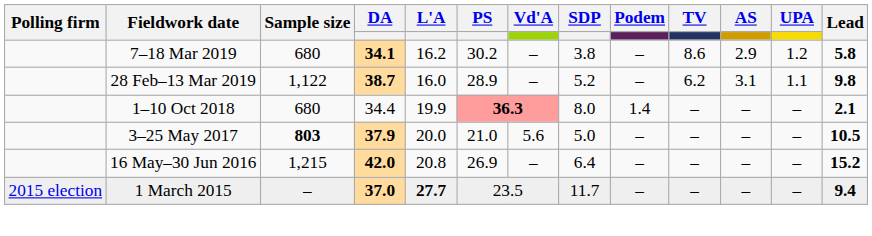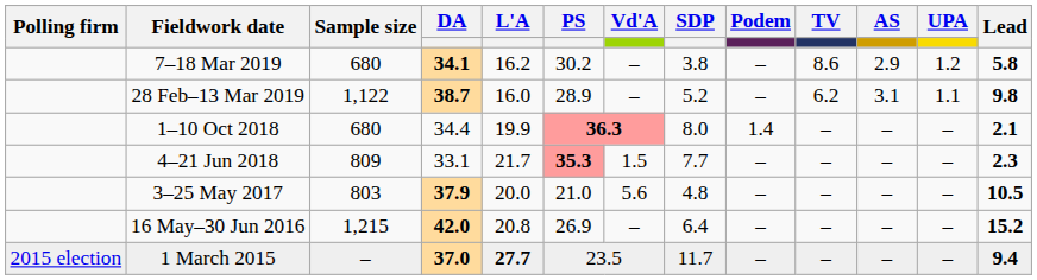 <table class=wikitable style=text-align:center>
 <tr>
 <th rowspan="2">Polling firm</th>
 <th rowspan="2">Fieldwork date</th>
 <th rowspan="2">Sample size</th>
 <th style="width:40px;"><a href='#'>DA</a></th>
 <th style="width:40px;"><a href='#'>L'A</a></th>
 <th style="width:40px;"><a href='#'>PS</a></th>
 <th style="width:40px;"><a href='#'>Vd'A</a></th>
 <th style="width:40px;"><a href='#'>SDP</a></th>
 <th style="width:40px;"><a href='#'>Podem</a></th>
 <th style="width:40px;"><a href='#'>TV</a></th>
 <th style="width:40px;"><a href='#'>AS</a></th>
 <th style="width:40px;"><a href='#'>UPA</a></th>
 <th style="width:30px;" rowspan="2">Lead</th>
 </tr>
 <tr>
 <th style="background:"></th>
 <th style="background:"></th>
 <th style="background:"></th>
 <th style="background:#9DD405;"></th>
 <th style="background:"></th>
 <th style="background:#5A205A;"></th>
 <th style="background:#233364;"></th>
 <th style="background:#CF9D00;"></th>
 <th style="background:#F9DB00;"></th>
 </tr>
 <tr>
 <td align=left></td>
 <td>7–18 Mar 2019</td>
 <td>680</td>
 <td style="background:#ffdb9d"><strong>34.1</strong></td>
 <td>16.2</td>
 <td>30.2</td>
 <td>–</td>
 <td>3.8</td>
 <td>–</td>
 <td>8.6</td>
 <td>2.9</td>
 <td>1.2</td>
 <td style="background:"><strong>5.8</strong></td>
 </tr>
 <tr>
 <td align=left></td>
 <td>28 Feb–13 Mar 2019</td>
 <td>1,122</td>
 <td style="background:#ffdb9d"><strong>38.7</strong></td>
 <td>16.0</td>
 <td>28.9</td>
 <td>–</td>
 <td>5.2</td>
 <td>–</td>
 <td>6.2</td>
 <td>3.1</td>
 <td>1.1</td>
 <td style="background:"><strong>9.8</strong></td>
 </tr>
 <tr>
 <td align=left></td>
 <td>1–10 Oct 2018</td>
 <td>680</td>
 <td>34.4</td>
 <td>19.9</td>
 <td style="background:#ff9c9c" colspan=2><strong>36.3</strong></td>
 <td>8.0</td>
 <td>1.4</td>
 <td>–</td>
 <td>–</td>
 <td>–</td>
 <td style="background:"><strong>2.1</strong></td>
 </tr>
 <tr>
 <td align=left></td>
+<td>4–21 Jun 2018</td>
+<td>809</td>
+<td>33.1</td>
+<td>21.7</td>
+<td style="background:#ff9c9c"><strong>35.3</strong></td>
+<td>1.5</td>
+<td>7.7</td>
+<td>–</td>
+<td>–</td>
+<td>–</td>
+<td>–</td>
+<td style="background:"><strong>2.3</strong></td>
+</tr>
+<tr>
+<td align=left></td>
 <td>3–25 May 2017</td>
-<td><strong>803</strong></td>
+<td>803</td>
 <td style="background:#ffdb9d"><strong>37.9</strong></td>
 <td>20.0</td>
 <td>21.0</td>
 <td>5.6</td>
-<td>5.0</td>
+<td>4.8</td>
 <td>–</td>
 <td>–</td>
 <td>–</td>
 <td>–</td>
 <td style="background:"><strong>10.5</strong></td>
 </tr>
 <tr>
 <td align=left></td>
 <td>16 May–30 Jun 2016</td>
 <td>1,215</td>
 <td style="background:#ffdb9d"><strong>42.0</strong></td>
 <td>20.8</td>
 <td>26.9</td>
 <td>–</td>
 <td>6.4</td>
 <td>–</td>
 <td>–</td>
 <td>–</td>
 <td>–</td>
 <td style="background:"><strong>15.2</strong></td>
 </tr>
 <tr style="background:#EFEFEF;">
 <td align=left><a href='#'>2015 election</a></td>
 <td>1 March 2015</td>
 <td>–</td>
 <td style="background:#ffdb9d"><strong>37.0</strong></td>
 <td><strong>27.7</strong></td>
 <td colspan=2>23.5</td>
 <td>11.7</td>
 <td>–</td>
 <td>–</td>
 <td>–</td>
 <td>–</td>
 <td style="background:"><strong>9.4</strong></td>
 </tr>
 </table>
